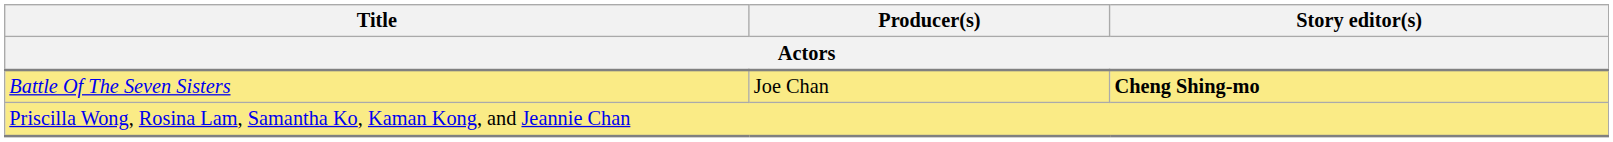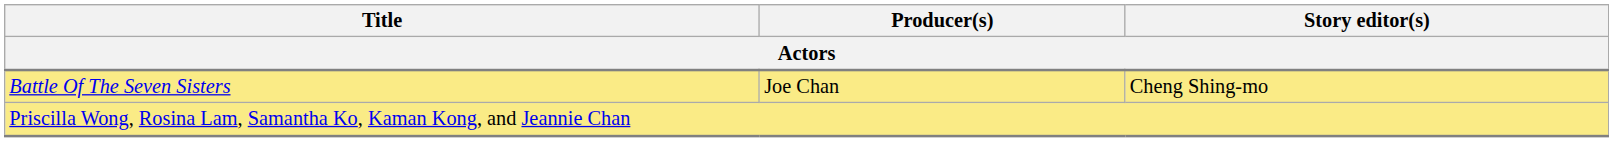 <table class="wikitable" border="1" width="100%">
 <tr style="background:#bebebe">
 <th>Title</th>
 <th>Producer(s)</th>
 <th>Story editor(s)</th>
 </tr>
 <tr style="background:#bebebe">
 <th colspan="3" style="border-bottom:2px solid grey">Actors</th>
 </tr>
 <tr style="background:#FAEB86">
 <td><em><a href='#'>Battle Of The Seven Sisters</a></em></td>
 <td>Joe Chan</td>
-<td><strong>Cheng Shing-mo</strong></td>
+<td>Cheng Shing-mo</td>
 </tr>
 <tr style="background:#FAEB86">
 <td colspan="3" style="border-bottom:2px solid grey"><a href='#'>Priscilla Wong</a>, <a href='#'>Rosina Lam</a>, <a href='#'>Samantha Ko</a>, <a href='#'>Kaman Kong</a>, and <a href='#'>Jeannie Chan</a></td>
 </tr>
 </table>
